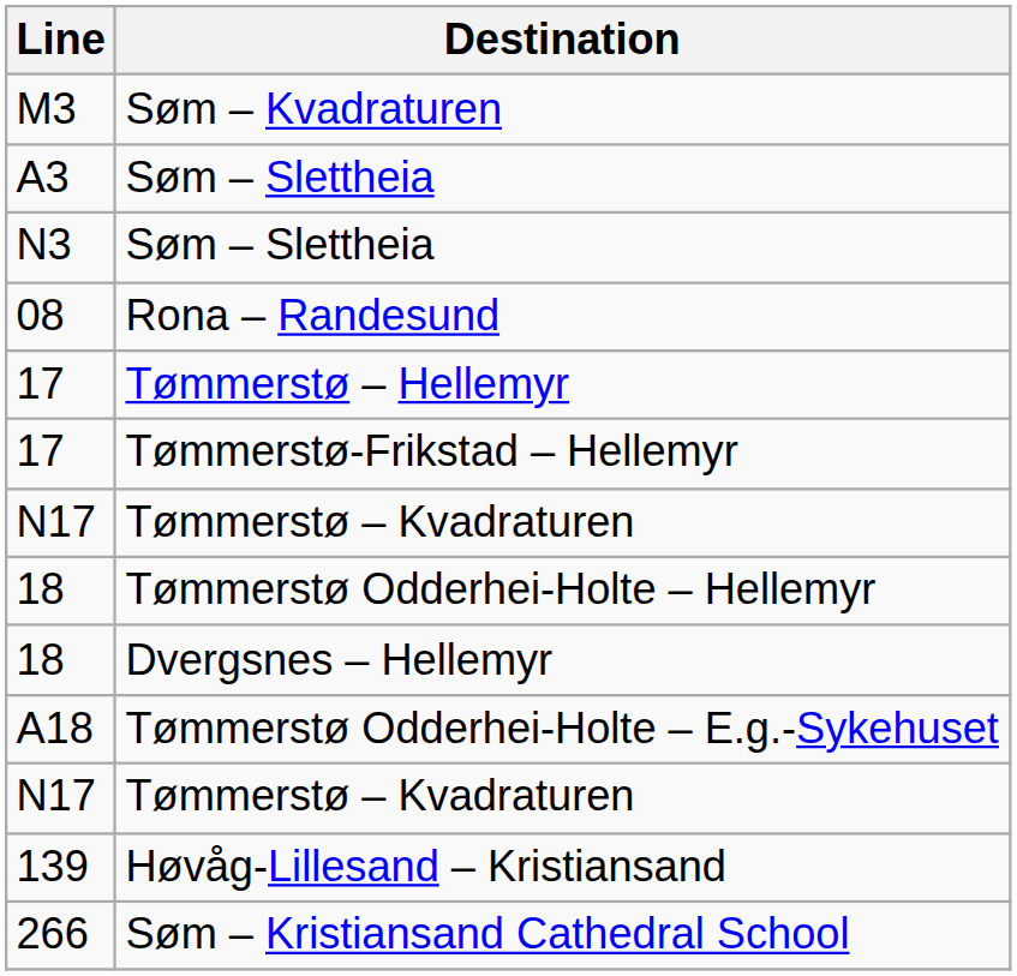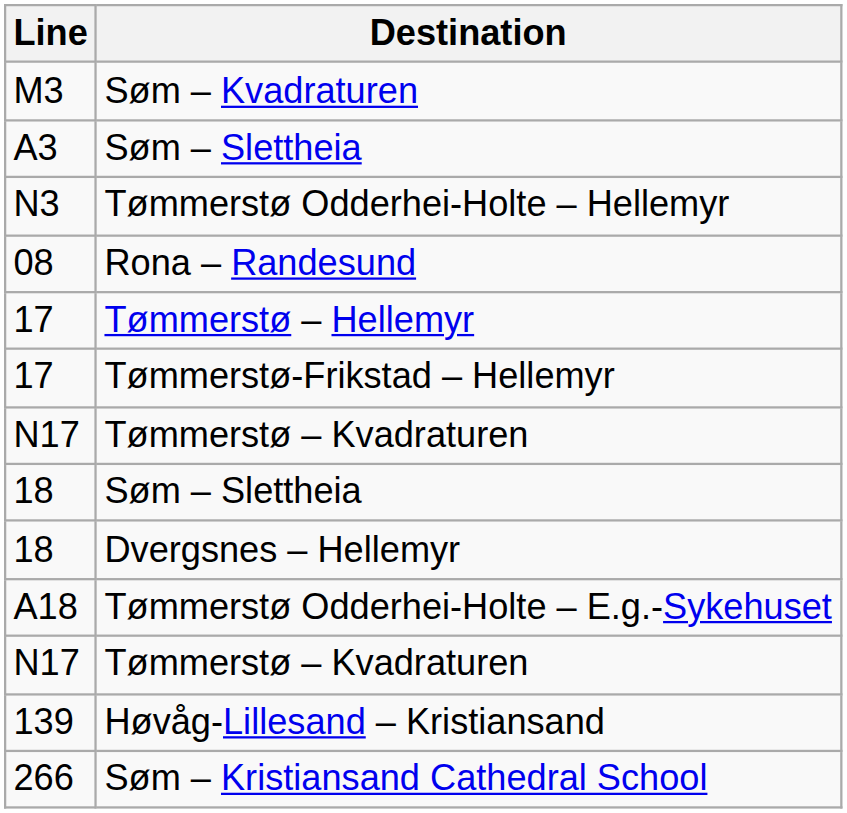 <table class="wikitable sortable">
 <tr>
 <th>Line</th>
 <th>Destination </th>
 </tr>
 <tr>
 <td>M3</td>
 <td>Søm – <a href='#'>Kvadraturen</a></td>
 </tr>
 <tr>
 <td>A3</td>
 <td>Søm – <a href='#'>Slettheia</a></td>
 </tr>
 <tr>
 <td>N3</td>
-<td>Søm – Slettheia</td>
+<td>Tømmerstø Odderhei-Holte – Hellemyr</td>
 </tr>
 <tr>
 <td>08</td>
 <td>Rona – <a href='#'>Randesund</a></td>
 </tr>
 <tr>
 <td>17</td>
 <td><a href='#'>Tømmerstø</a> – <a href='#'>Hellemyr</a></td>
 </tr>
 <tr>
 <td>17</td>
 <td>Tømmerstø-Frikstad – Hellemyr</td>
 </tr>
 <tr>
 <td>N17</td>
 <td>Tømmerstø – Kvadraturen</td>
 </tr>
 <tr>
 <td>18</td>
-<td>Tømmerstø Odderhei-Holte – Hellemyr</td>
+<td>Søm – Slettheia</td>
 </tr>
 <tr>
 <td>18</td>
 <td>Dvergsnes – Hellemyr</td>
 </tr>
 <tr>
 <td>A18</td>
 <td>Tømmerstø Odderhei-Holte – E.g.-<a href='#'>Sykehuset</a></td>
 </tr>
 <tr>
 <td>N17</td>
 <td>Tømmerstø – Kvadraturen</td>
 </tr>
 <tr>
 <td>139</td>
 <td>Høvåg-<a href='#'>Lillesand</a> – Kristiansand</td>
 </tr>
 <tr>
 <td>266</td>
 <td>Søm – <a href='#'>Kristiansand Cathedral School</a></td>
 </tr>
 </table>
